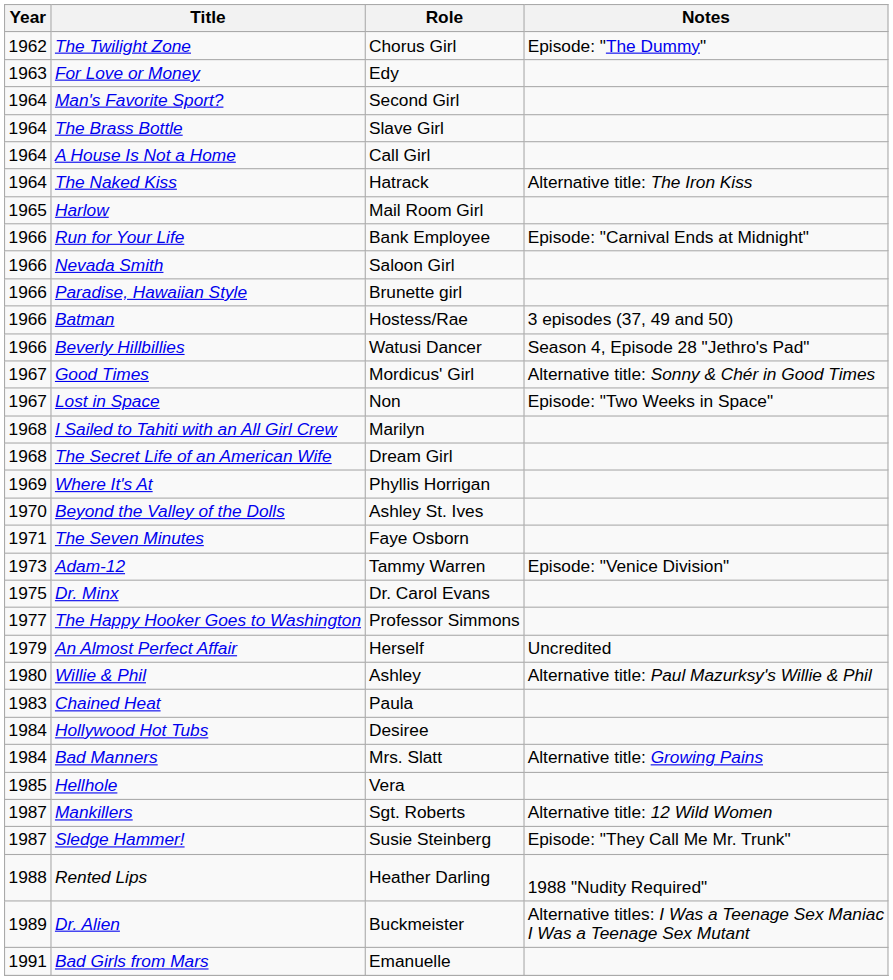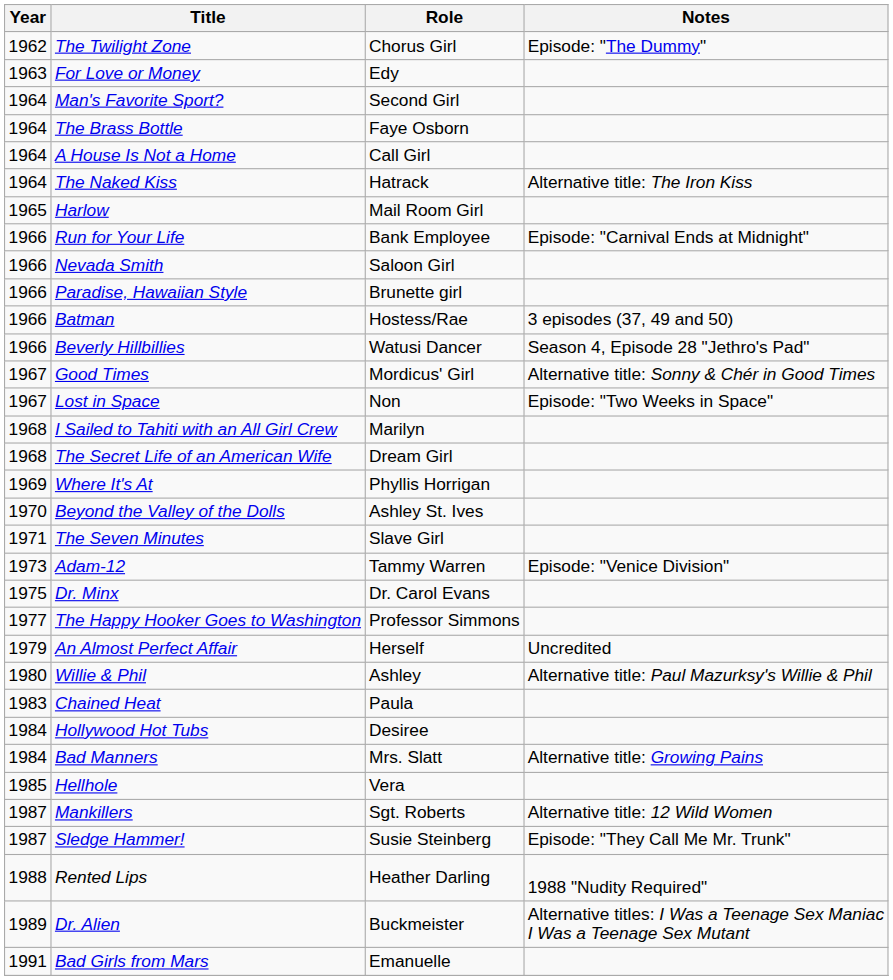 <table class="wikitable sortable">
 <tr>
 <th>Year</th>
 <th>Title</th>
 <th>Role</th>
 <th class="unsortable">Notes</th>
 </tr>
 <tr>
 <td>1962</td>
 <td><em><a href='#'>The Twilight Zone</a></em></td>
 <td>Chorus Girl</td>
 <td>Episode: "<a href='#'>The Dummy</a>"<br></td>
 </tr>
 <tr>
 <td>1963</td>
 <td><em><a href='#'>For Love or Money</a></em></td>
 <td>Edy</td>
 <td></td>
 </tr>
 <tr>
 <td>1964</td>
 <td><em><a href='#'>Man's Favorite Sport?</a></em></td>
 <td>Second Girl</td>
 <td></td>
 </tr>
 <tr>
 <td>1964</td>
 <td><em><a href='#'>The Brass Bottle</a></em></td>
-<td>Slave Girl</td>
+<td>Faye Osborn</td>
 <td></td>
 </tr>
 <tr>
 <td>1964</td>
 <td><em><a href='#'>A House Is Not a Home</a></em></td>
 <td>Call Girl</td>
 <td></td>
 </tr>
 <tr>
 <td>1964</td>
 <td><em><a href='#'>The Naked Kiss</a></em></td>
 <td>Hatrack</td>
 <td>Alternative title: <em>The Iron Kiss</em></td>
 </tr>
 <tr>
 <td>1965</td>
 <td><em><a href='#'>Harlow</a></em></td>
 <td>Mail Room Girl</td>
 <td></td>
 </tr>
 <tr>
 <td>1966</td>
 <td><em><a href='#'>Run for Your Life</a></em></td>
 <td>Bank Employee</td>
 <td>Episode: "Carnival Ends at Midnight"</td>
 </tr>
 <tr>
 <td>1966</td>
 <td><em><a href='#'>Nevada Smith</a></em></td>
 <td>Saloon Girl</td>
 <td></td>
 </tr>
 <tr>
 <td>1966</td>
 <td><em><a href='#'>Paradise, Hawaiian Style</a></em></td>
 <td>Brunette girl</td>
 <td></td>
 </tr>
 <tr>
 <td>1966</td>
 <td><em><a href='#'>Batman</a></em></td>
 <td>Hostess/Rae</td>
 <td>3 episodes (37, 49 and 50)</td>
 </tr>
 <tr>
 <td>1966</td>
 <td><a href='#'><em>Beverly Hillbillies</em></a></td>
 <td>Watusi Dancer</td>
 <td>Season 4, Episode 28 "Jethro's Pad"</td>
 </tr>
 <tr>
 <td>1967</td>
 <td><em><a href='#'>Good Times</a></em></td>
 <td>Mordicus' Girl</td>
 <td>Alternative title: <em>Sonny & Chér in Good Times</em></td>
 </tr>
 <tr>
 <td>1967</td>
 <td><em><a href='#'>Lost in Space</a></em></td>
 <td>Non</td>
 <td>Episode: "Two Weeks in Space"</td>
 </tr>
 <tr>
 <td>1968</td>
 <td><em><a href='#'>I Sailed to Tahiti with an All Girl Crew</a></em></td>
 <td>Marilyn</td>
 <td></td>
 </tr>
 <tr>
 <td>1968</td>
 <td><em><a href='#'>The Secret Life of an American Wife</a></em></td>
 <td>Dream Girl</td>
 <td></td>
 </tr>
 <tr>
 <td>1969</td>
 <td><em><a href='#'>Where It's At</a></em></td>
 <td>Phyllis Horrigan</td>
 <td></td>
 </tr>
 <tr>
 <td>1970</td>
 <td><em><a href='#'>Beyond the Valley of the Dolls</a></em></td>
 <td>Ashley St. Ives</td>
 <td></td>
 </tr>
 <tr>
 <td>1971</td>
 <td><em><a href='#'>The Seven Minutes</a></em></td>
-<td>Faye Osborn</td>
+<td>Slave Girl</td>
 <td></td>
 </tr>
 <tr>
 <td>1973</td>
 <td><em><a href='#'>Adam-12</a></em></td>
 <td>Tammy Warren</td>
 <td>Episode: "Venice Division"</td>
 </tr>
 <tr>
 <td>1975</td>
 <td><em><a href='#'>Dr. Minx</a></em></td>
 <td>Dr. Carol Evans</td>
 <td></td>
 </tr>
 <tr>
 <td>1977</td>
 <td><em><a href='#'>The Happy Hooker Goes to Washington</a></em></td>
 <td>Professor Simmons</td>
 <td></td>
 </tr>
 <tr>
 <td>1979</td>
 <td><em><a href='#'>An Almost Perfect Affair</a></em></td>
 <td>Herself</td>
 <td>Uncredited</td>
 </tr>
 <tr>
 <td>1980</td>
 <td><em><a href='#'>Willie & Phil</a></em></td>
 <td>Ashley</td>
 <td>Alternative title: <em>Paul Mazurksy's Willie & Phil</em></td>
 </tr>
 <tr>
 <td>1983</td>
 <td><em><a href='#'>Chained Heat</a></em></td>
 <td>Paula</td>
 <td></td>
 </tr>
 <tr>
 <td>1984</td>
 <td><em><a href='#'>Hollywood Hot Tubs</a></em></td>
 <td>Desiree</td>
 <td></td>
 </tr>
 <tr>
 <td>1984</td>
 <td><em><a href='#'>Bad Manners</a></em></td>
 <td>Mrs. Slatt</td>
 <td>Alternative title: <em><a href='#'>Growing Pains</a></em></td>
 </tr>
 <tr>
 <td>1985</td>
 <td><em><a href='#'>Hellhole</a></em></td>
 <td>Vera</td>
 <td></td>
 </tr>
 <tr>
 <td>1987</td>
 <td><em><a href='#'>Mankillers</a></em></td>
 <td>Sgt. Roberts</td>
 <td>Alternative title: <em>12 Wild Women</em></td>
 </tr>
 <tr>
 <td>1987</td>
 <td><em><a href='#'>Sledge Hammer!</a></em></td>
 <td>Susie Steinberg</td>
 <td>Episode: "They Call Me Mr. Trunk"</td>
 </tr>
 <tr>
 <td>1988</td>
 <td><em>Rented Lips</em></td>
 <td>Heather Darling</td>
 <td><br>1988 "Nudity Required"</td>
 </tr>
 <tr>
 <td>1989</td>
 <td><em><a href='#'>Dr. Alien</a></em></td>
 <td>Buckmeister</td>
 <td>Alternative titles: <em>I Was a Teenage Sex Maniac</em><br><em>I Was a Teenage Sex Mutant</em></td>
 </tr>
 <tr>
 <td>1991</td>
 <td><em><a href='#'>Bad Girls from Mars</a></em></td>
 <td>Emanuelle</td>
 <td></td>
 </tr>
 <tr>
 </tr>
 </table>
